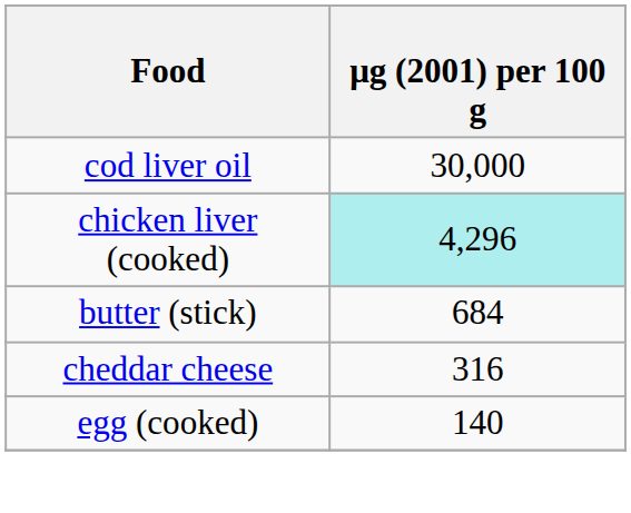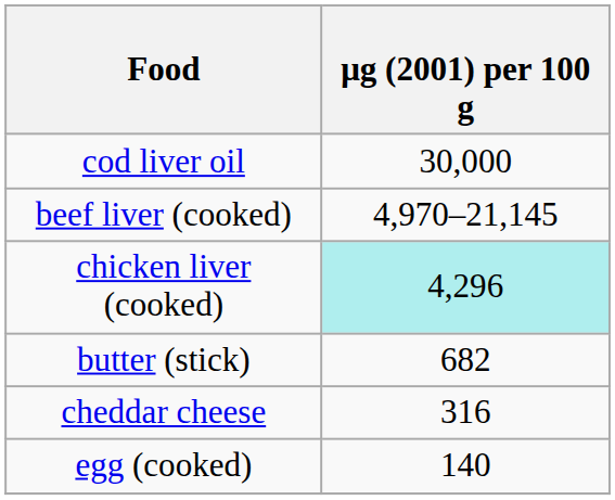 <table class="wikitable" style="float:right; clear:left; width:18em; text-align:center;">
 <tr>
 <th>Food</th>
 <th><br>μg  (2001) per 100 g</th>
 </tr>
 <tr>
 <td><a href='#'>cod liver oil</a></td>
 <td>30,000</td>
 </tr>
 <tr>
+<td><a href='#'>beef liver</a> (cooked)</td>
+<td>4,970–21,145</td>
+</tr>
+<tr>
 <td><a href='#'>chicken liver</a> (cooked)</td>
 <td style="background: paleturquoise;">4,296</td>
 </tr>
 <tr>
 <td><a href='#'>butter</a> (stick)</td>
-<td>684</td>
+<td>682</td>
 </tr>
 <tr>
 <td><a href='#'>cheddar cheese</a></td>
 <td>316</td>
 </tr>
 <tr>
 <td><a href='#'>egg</a> (cooked)</td>
 <td>140</td>
 </tr>
 <tr>
 </tr>
 </table>
